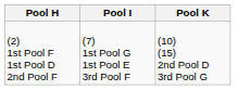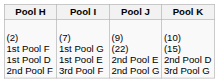 <table class="wikitable">
 <tr>
 <th width=25%>Pool H</th>
 <th width=25%>Pool I</th>
+<th width=25%>Pool J</th>
 <th width=25%>Pool K</th>
 </tr>
 <tr>
 <td valign=top><br> (2)<br> 1st Pool F<br> 1st Pool D<br> 2nd Pool F</td>
 <td valign=top><br> (7)<br> 1st Pool G<br> 1st Pool E<br> 3rd Pool F</td>
+<td><br> (9)<br>  (22)<br> 2nd Pool E<br> 2nd Pool G</td>
 <td><br> (10)<br>  (15)<br> 2nd Pool D<br> 3rd Pool G</td>
 </tr>
 </table>
